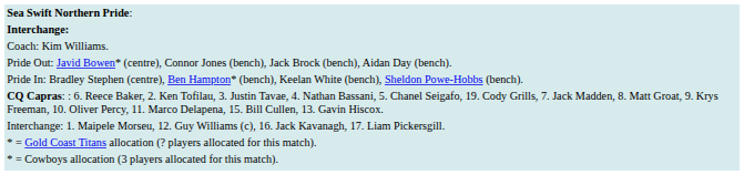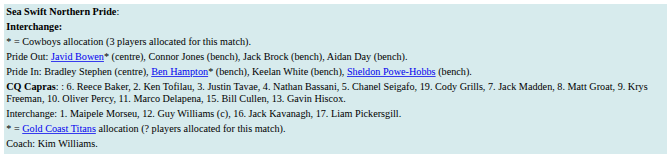 <table style="background:#d7ebed; font-size:85%; width:100%;">
 <tr>
 <td><strong>Sea Swift Northern Pride</strong>:             </td>
 </tr>
 <tr>
 <td><strong>Interchange:    </strong></td>
 </tr>
 <tr>
-<td>Coach: Kim Williams.</td>
+<td>* = Cowboys allocation (3 players allocated for this match).</td>
 </tr>
 <tr>
 <td>Pride Out: <a href='#'>Javid Bowen</a>* (centre), Connor Jones (bench), Jack Brock (bench), Aidan Day (bench).</td>
 </tr>
 <tr>
 <td>Pride In: Bradley Stephen (centre), <a href='#'>Ben Hampton</a>* (bench), Keelan White (bench), <a href='#'>Sheldon Powe-Hobbs</a> (bench).</td>
 </tr>
 <tr>
 <td><strong>CQ Capras</strong>: : 6. Reece Baker, 2. Ken Tofilau, 3. Justin Tavae, 4. Nathan Bassani, 5. Chanel Seigafo, 19. Cody Grills, 7. Jack Madden, 8. Matt Groat, 9. Krys Freeman, 10. Oliver Percy, 11. Marco Delapena, 15. Bill Cullen, 13. Gavin Hiscox.</td>
 </tr>
 <tr>
 <td>Interchange: 1. Maipele Morseu, 12. Guy Williams (c), 16. Jack Kavanagh, 17. Liam Pickersgill.</td>
 </tr>
 <tr>
 <td>* = <a href='#'>Gold Coast Titans</a> allocation (? players allocated for this match).</td>
 </tr>
 <tr>
-<td>* = Cowboys allocation (3 players allocated for this match).</td>
+<td>Coach: Kim Williams.</td>
 </tr>
 <tr>
 </tr>
 </table>
